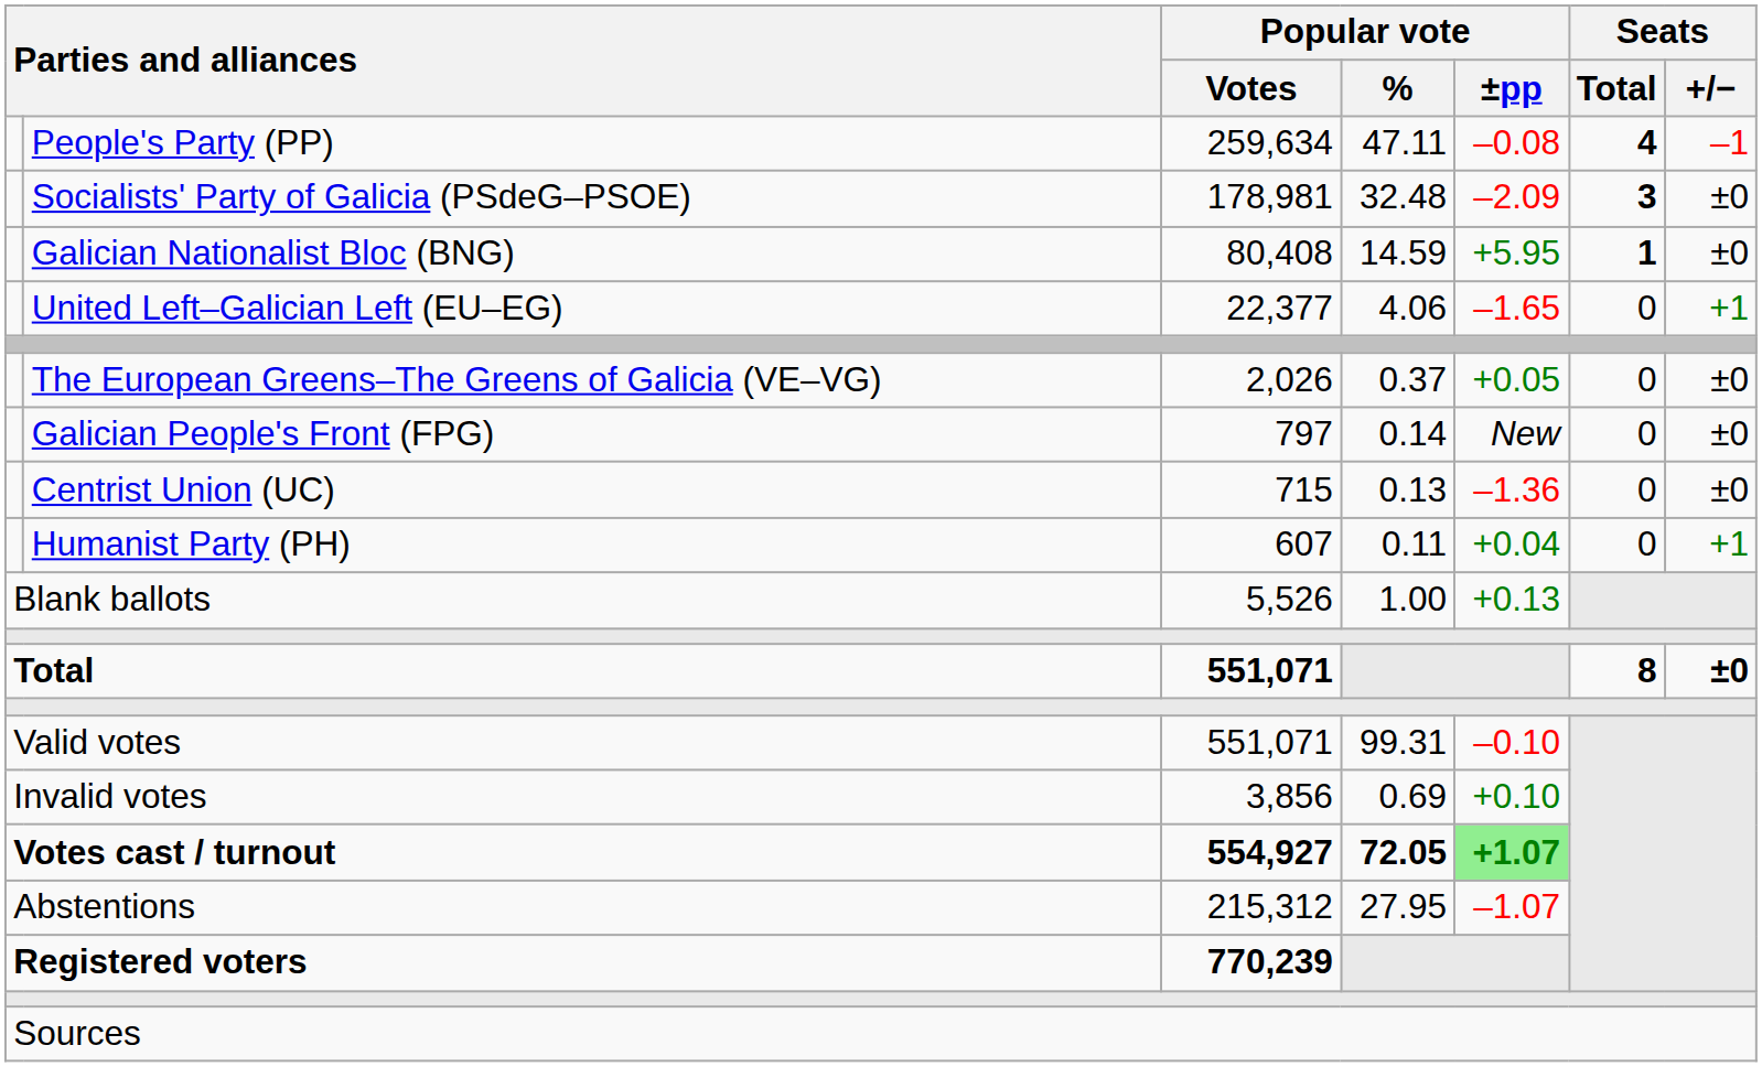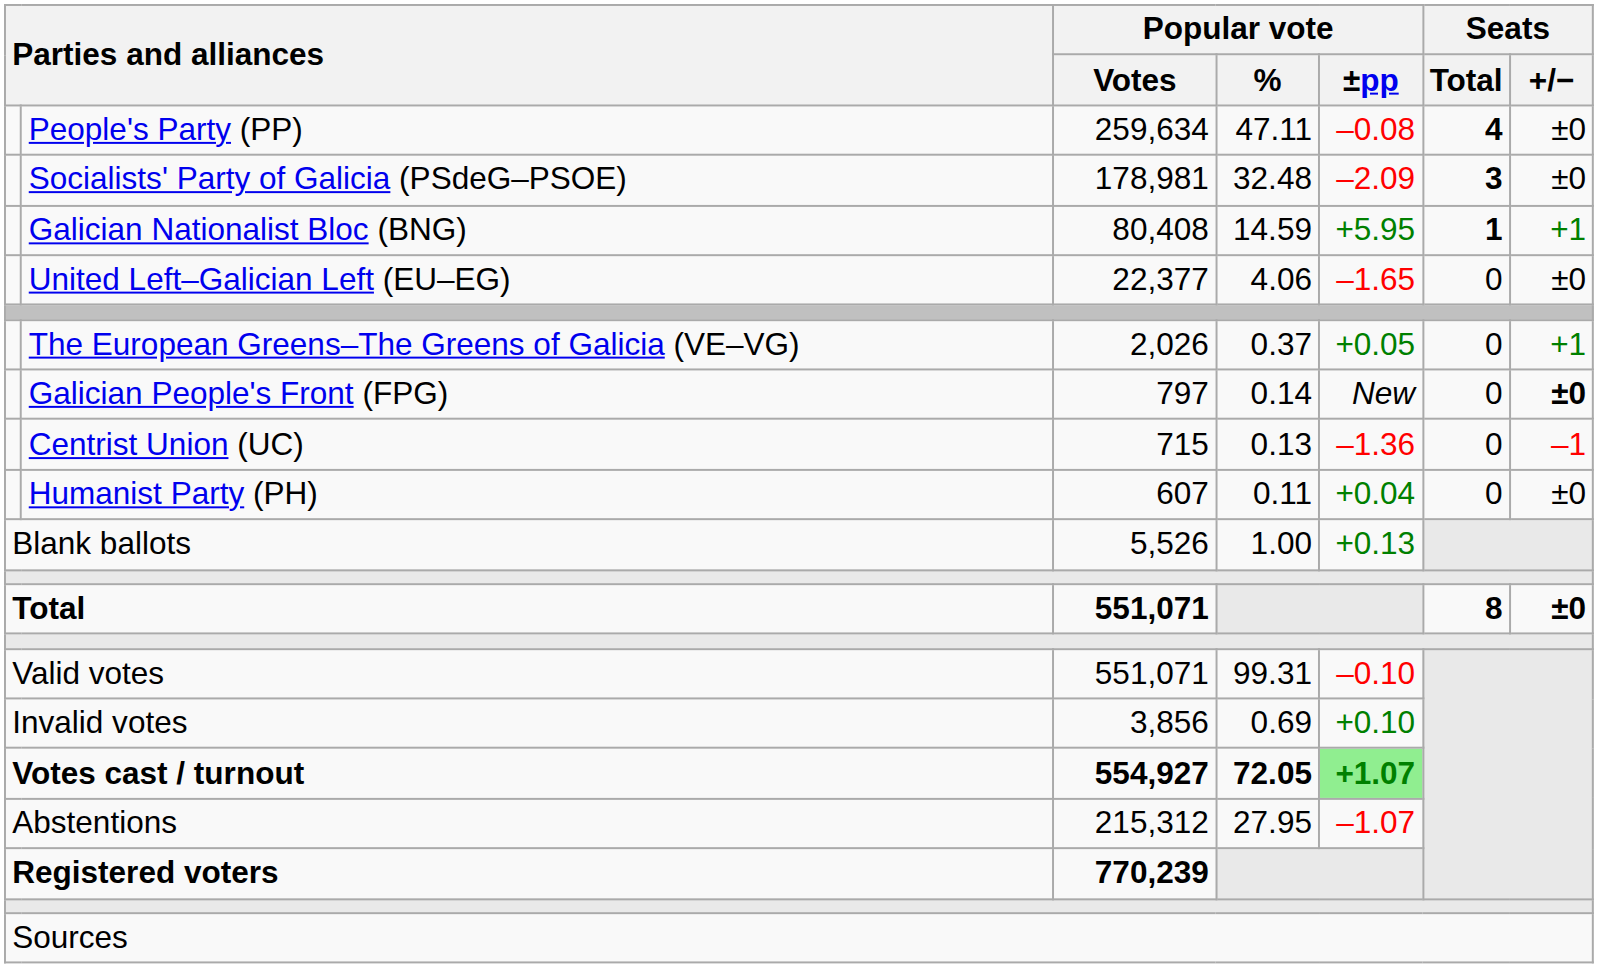 <table class="wikitable" style="text-align:right;">
 <tr>
 <th style="text-align:left;" rowspan="2" colspan="2" width="525">Parties and alliances</th>
 <th colspan="3">Popular vote</th>
 <th colspan="2">Seats</th>
 </tr>
 <tr>
 <th width="75">Votes</th>
 <th width="45">%</th>
 <th width="45">±<a href='#'>pp</a></th>
 <th width="35">Total</th>
 <th width="35">+/−</th>
 </tr>
 <tr>
 <td width="1" style="color:inherit;background:"></td>
 <td align="left"><a href='#'>People's Party</a> (PP)</td>
 <td>259,634</td>
 <td>47.11</td>
 <td style="color:red;">–0.08</td>
 <td><strong>4</strong></td>
-<td style="color:red;">–1</td>
+<td>±0</td>
 </tr>
 <tr>
 <td style="color:inherit;background:"></td>
 <td align="left"><a href='#'>Socialists' Party of Galicia</a> (PSdeG–PSOE)</td>
 <td>178,981</td>
 <td>32.48</td>
 <td style="color:red;">–2.09</td>
 <td><strong>3</strong></td>
 <td>±0</td>
 </tr>
 <tr>
 <td style="color:inherit;background:"></td>
 <td align="left"><a href='#'>Galician Nationalist Bloc</a> (BNG)</td>
 <td>80,408</td>
 <td>14.59</td>
 <td style="color:green;">+5.95</td>
 <td><strong>1</strong></td>
-<td>±0</td>
+<td style="color:green;">+1</td>
 </tr>
 <tr>
 <td style="color:inherit;background:"></td>
 <td align="left"><a href='#'>United Left–Galician Left</a> (EU–EG)</td>
 <td>22,377</td>
 <td>4.06</td>
 <td style="color:red;">–1.65</td>
 <td>0</td>
-<td style="color:green;">+1</td>
+<td>±0</td>
 </tr>
 <tr>
 <td colspan="7" bgcolor="#C0C0C0"></td>
 </tr>
 <tr>
 <td style="color:inherit;background:"></td>
 <td align="left"><a href='#'>The European Greens–The Greens of Galicia</a> (VE–VG)</td>
 <td>2,026</td>
 <td>0.37</td>
 <td style="color:green;">+0.05</td>
 <td>0</td>
-<td>±0</td>
+<td style="color:green;">+1</td>
 </tr>
 <tr>
 <td style="color:inherit;background:"></td>
 <td align="left"><a href='#'>Galician People's Front</a> (FPG)</td>
 <td>797</td>
 <td>0.14</td>
 <td><em>New</em></td>
 <td>0</td>
-<td>±0</td>
+<td><strong>±0</strong></td>
 </tr>
 <tr>
 <td style="color:inherit;background:"></td>
 <td align="left"><a href='#'>Centrist Union</a> (UC)</td>
 <td>715</td>
 <td>0.13</td>
 <td style="color:red;">–1.36</td>
 <td>0</td>
-<td>±0</td>
+<td style="color:red;">–1</td>
 </tr>
 <tr>
 <td style="color:inherit;background:"></td>
 <td align="left"><a href='#'>Humanist Party</a> (PH)</td>
 <td>607</td>
 <td>0.11</td>
 <td style="color:green;">+0.04</td>
 <td>0</td>
-<td style="color:green;">+1</td>
+<td>±0</td>
 </tr>
 <tr>
 <td align="left" colspan="2">Blank ballots</td>
 <td>5,526</td>
 <td>1.00</td>
 <td style="color:green;">+0.13</td>
 <td bgcolor="#E9E9E9" colspan="2"></td>
 </tr>
 <tr>
 <td colspan="7" bgcolor="#E9E9E9"></td>
 </tr>
 <tr style="font-weight:bold;">
 <td align="left" colspan="2">Total</td>
 <td>551,071</td>
 <td bgcolor="#E9E9E9" colspan="2"></td>
 <td>8</td>
 <td>±0</td>
 </tr>
 <tr>
 <td colspan="7" bgcolor="#E9E9E9"></td>
 </tr>
 <tr>
 <td align="left" colspan="2">Valid votes</td>
 <td>551,071</td>
 <td>99.31</td>
 <td style="color:red;">–0.10</td>
 <td bgcolor="#E9E9E9" colspan="2" rowspan="5"></td>
 </tr>
 <tr>
 <td align="left" colspan="2">Invalid votes</td>
 <td>3,856</td>
 <td>0.69</td>
 <td style="color:green;">+0.10</td>
 </tr>
 <tr style="font-weight:bold;">
 <td align="left" colspan="2">Votes cast / turnout</td>
 <td>554,927</td>
 <td>72.05</td>
 <td style="background: lightgreen; color:green;">+1.07</td>
 </tr>
 <tr>
 <td align="left" colspan="2">Abstentions</td>
 <td>215,312</td>
 <td>27.95</td>
 <td style="color:red;">–1.07</td>
 </tr>
 <tr style="font-weight:bold;">
 <td align="left" colspan="2">Registered voters</td>
 <td>770,239</td>
 <td bgcolor="#E9E9E9" colspan="2"></td>
 </tr>
 <tr>
 <td colspan="7" bgcolor="#E9E9E9"></td>
 </tr>
 <tr>
 <td align="left" colspan="7">Sources</td>
 </tr>
 </table>
